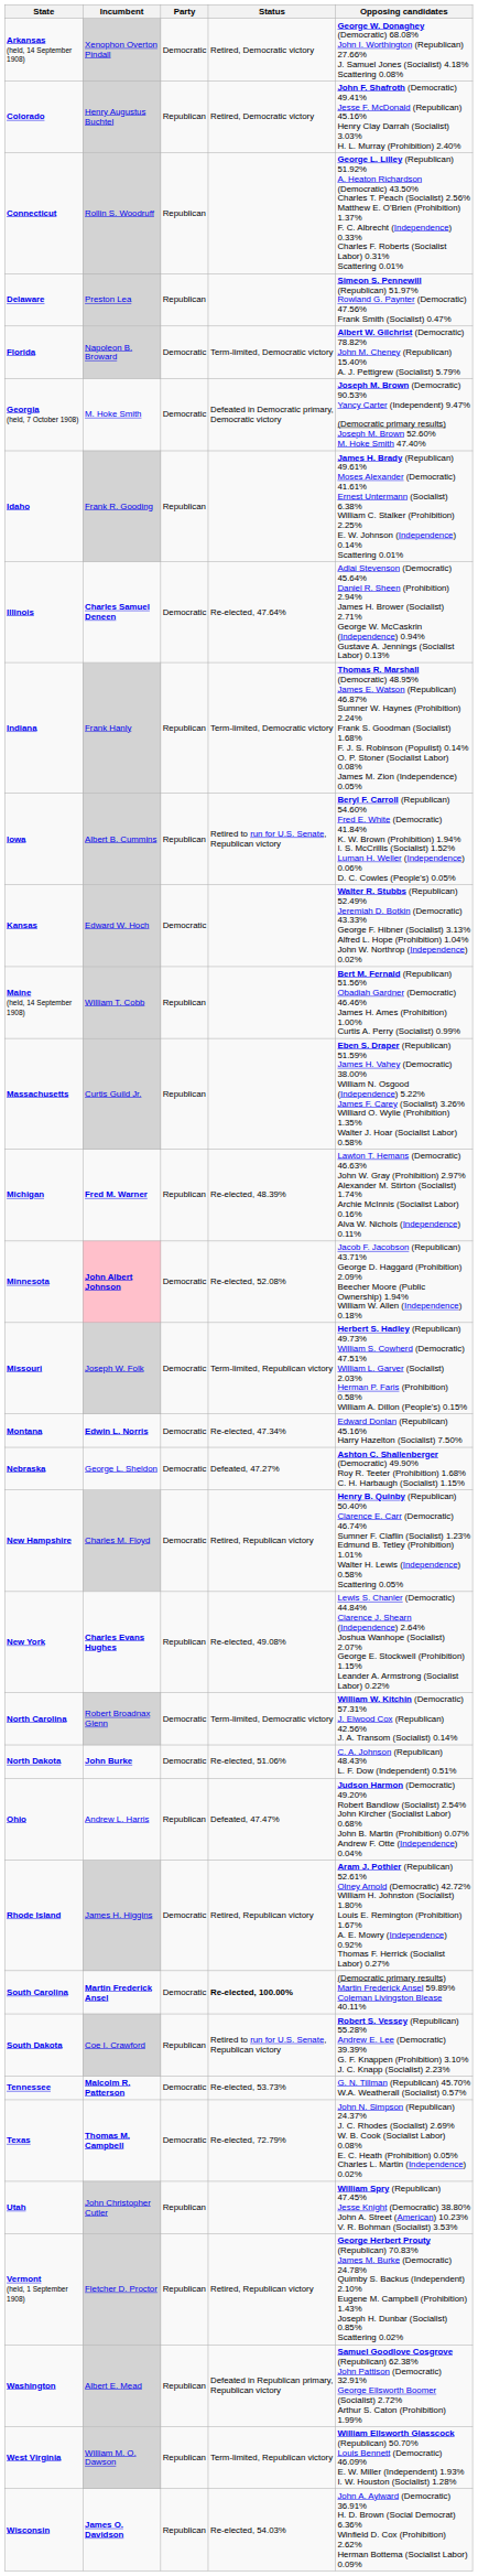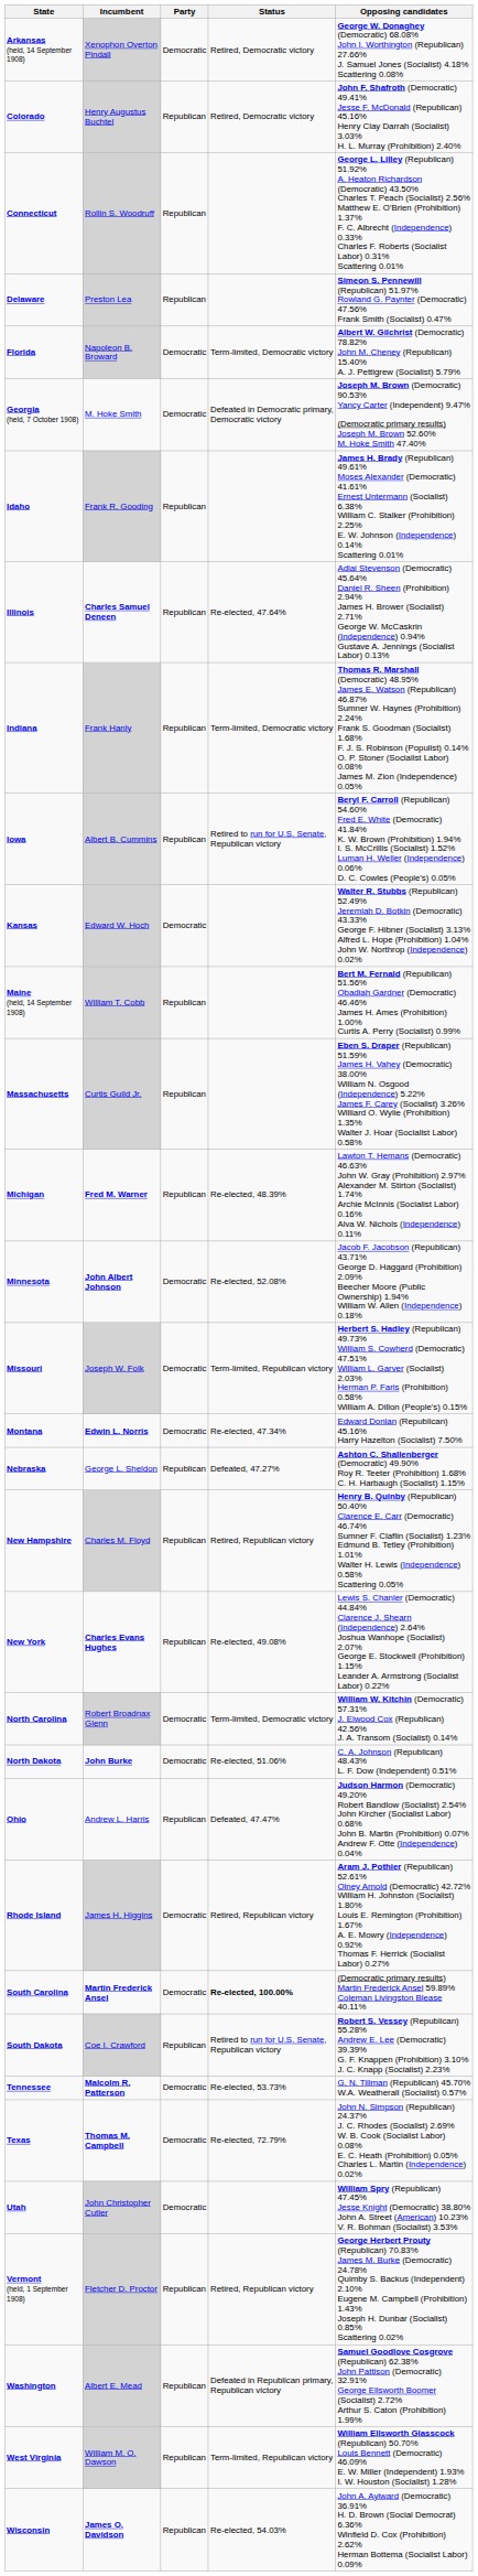 <table class="wikitable">
 <tr>
 <th>State</th>
 <th>Incumbent</th>
 <th>Party</th>
 <th>Status</th>
 <th>Opposing candidates</th>
 </tr>
 <tr>
 <td><strong><a href='#'>Arkansas</a></strong><br><small>(held, 14 September 1908)</small></td>
 <td bgcolor="lightgrey"><a href='#'>Xenophon Overton Pindall</a></td>
 <td>Democratic</td>
 <td>Retired, Democratic victory</td>
 <td><strong><a href='#'>George W. Donaghey</a></strong> (Democratic) 68.08%<br><a href='#'>John I. Worthington</a> (Republican) 27.66%<br>J. Samuel Jones (Socialist) 4.18%<br>Scattering 0.08%<br></td>
 </tr>
 <tr>
 <td><strong><a href='#'>Colorado</a></strong></td>
 <td bgcolor="lightgrey"><a href='#'>Henry Augustus Buchtel</a></td>
 <td>Republican</td>
 <td>Retired, Democratic victory</td>
 <td><strong><a href='#'>John F. Shafroth</a></strong> (Democratic) 49.41%<br><a href='#'>Jesse F. McDonald</a> (Republican) 45.16%<br>Henry Clay Darrah (Socialist) 3.03%<br>H. L. Murray (Prohibition) 2.40%<br></td>
 </tr>
 <tr>
 <td><strong><a href='#'>Connecticut</a></strong></td>
 <td bgcolor="lightgrey"><a href='#'>Rollin S. Woodruff</a></td>
 <td>Republican</td>
 <td></td>
 <td><strong><a href='#'>George L. Lilley</a></strong> (Republican) 51.92%<br><a href='#'>A. Heaton Richardson</a> (Democratic) 43.50%<br>Charles T. Peach (Socialist) 2.56%<br>Matthew E. O'Brien (Prohibition) 1.37%<br>F. C. Albrecht (<a href='#'>Independence</a>) 0.33%<br>Charles F. Roberts (Socialist Labor) 0.31%<br>Scattering 0.01%<br></td>
 </tr>
 <tr>
 <td><strong><a href='#'>Delaware</a></strong></td>
 <td bgcolor="lightgrey"><a href='#'>Preston Lea</a></td>
 <td>Republican</td>
 <td></td>
 <td><strong><a href='#'>Simeon S. Pennewill</a></strong> (Republican) 51.97%<br><a href='#'>Rowland G. Paynter</a> (Democratic) 47.56%<br>Frank Smith (Socialist) 0.47%<br></td>
 </tr>
 <tr>
 <td><strong><a href='#'>Florida</a></strong></td>
 <td bgcolor="lightgrey"><a href='#'>Napoleon B. Broward</a></td>
 <td>Democratic</td>
 <td>Term-limited, Democratic victory</td>
 <td><strong><a href='#'>Albert W. Gilchrist</a></strong> (Democratic) 78.82%<br><a href='#'>John M. Cheney</a> (Republican) 15.40%<br>A. J. Pettigrew (Socialist) 5.79%<br></td>
 </tr>
 <tr>
 <td><strong><a href='#'>Georgia</a></strong><br><small>(held, 7 October 1908)</small></td>
 <td><a href='#'>M. Hoke Smith</a></td>
 <td>Democratic</td>
 <td>Defeated in Democratic primary, Democratic victory</td>
 <td><strong><a href='#'>Joseph M. Brown</a></strong> (Democratic) 90.53%<br><a href='#'>Yancy Carter</a> (Independent) 9.47%<br><br><u>(Democratic primary results)</u><br><a href='#'>Joseph M. Brown</a> 52.60%<br><a href='#'>M. Hoke Smith</a> 47.40%<br></td>
 </tr>
 <tr>
 <td><strong><a href='#'>Idaho</a></strong></td>
 <td bgcolor="lightgrey"><a href='#'>Frank R. Gooding</a></td>
 <td>Republican</td>
 <td></td>
 <td><strong><a href='#'>James H. Brady</a></strong> (Republican) 49.61%<br><a href='#'>Moses Alexander</a> (Democratic) 41.61%<br><a href='#'>Ernest Untermann</a> (Socialist) 6.38%<br>William C. Stalker (Prohibition) 2.25%<br>E. W. Johnson (<a href='#'>Independence</a>) 0.14%<br>Scattering 0.01%<br></td>
 </tr>
 <tr>
 <td><strong><a href='#'>Illinois</a></strong></td>
 <td><strong><a href='#'>Charles Samuel Deneen</a></strong></td>
-<td>Democratic</td>
+<td>Republican</td>
 <td>Re-elected, 47.64%</td>
 <td><a href='#'>Adlai Stevenson</a> (Democratic) 45.64%<br><a href='#'>Daniel R. Sheen</a> (Prohibition) 2.94%<br>James H. Brower (Socialist) 2.71%<br>George W. McCaskrin (<a href='#'>Independence</a>) 0.94%<br>Gustave A. Jennings (Socialist Labor) 0.13%<br></td>
 </tr>
 <tr>
 <td><strong><a href='#'>Indiana</a></strong></td>
 <td bgcolor="lightgrey"><a href='#'>Frank Hanly</a></td>
 <td>Republican</td>
 <td>Term-limited, Democratic victory</td>
 <td><strong><a href='#'>Thomas R. Marshall</a></strong> (Democratic) 48.95%<br><a href='#'>James E. Watson</a> (Republican) 46.87%<br>Sumner W. Haynes (Prohibition) 2.24%<br>Frank S. Goodman (Socialist) 1.68%<br>F. J. S. Robinson (Populist) 0.14%<br>O. P. Stoner (Socialist Labor) 0.08%<br>James M. Zion (Independence) 0.05%<br></td>
 </tr>
 <tr>
 <td><strong><a href='#'>Iowa</a></strong></td>
 <td bgcolor="lightgrey"><a href='#'>Albert B. Cummins</a></td>
 <td>Republican</td>
 <td>Retired to <a href='#'>run for U.S. Senate</a>, Republican victory</td>
 <td><strong><a href='#'>Beryl F. Carroll</a></strong> (Republican) 54.60%<br><a href='#'>Fred E. White</a> (Democratic) 41.84%<br>K. W. Brown (Prohibition) 1.94%<br>I. S. McCrillis (Socialist) 1.52%<br><a href='#'>Luman H. Weller</a> (<a href='#'>Independence</a>) 0.06%<br>D. C. Cowles (People's) 0.05%<br></td>
 </tr>
 <tr>
 <td><strong><a href='#'>Kansas</a></strong></td>
 <td bgcolor="lightgrey"><a href='#'>Edward W. Hoch</a></td>
 <td>Democratic</td>
 <td></td>
 <td><strong><a href='#'>Walter R. Stubbs</a></strong> (Republican) 52.49%<br><a href='#'>Jeremiah D. Botkin</a> (Democratic) 43.33%<br>George F. Hibner (Socialist) 3.13%<br>Alfred L. Hope (Prohibition) 1.04%<br>John  W. Northrop (<a href='#'>Independence</a>) 0.02%<br></td>
 </tr>
 <tr>
 <td><strong><a href='#'>Maine</a></strong><br><small>(held, 14 September 1908)</small></td>
 <td bgcolor="lightgrey"><a href='#'>William T. Cobb</a></td>
 <td>Republican</td>
 <td></td>
 <td><strong><a href='#'>Bert M. Fernald</a></strong> (Republican) 51.56%<br><a href='#'>Obadiah Gardner</a> (Democratic) 46.46%<br>James H. Ames (Prohibition) 1.00%<br>Curtis A. Perry (Socialist) 0.99%<br></td>
 </tr>
 <tr>
 <td><strong><a href='#'>Massachusetts</a></strong></td>
 <td bgcolor="lightgrey"><a href='#'>Curtis Guild Jr.</a></td>
 <td>Republican</td>
 <td></td>
 <td><strong><a href='#'>Eben S. Draper</a></strong> (Republican) 51.59%<br><a href='#'>James H. Vahey</a> (Democratic) 38.00%<br>William N. Osgood (<a href='#'>Independence</a>) 5.22%<br><a href='#'>James F. Carey</a> (Socialist) 3.26%<br>Williard O. Wylie (Prohibition) 1.35%<br>Walter J. Hoar (Socialist Labor) 0.58%<br></td>
 </tr>
 <tr>
 <td><strong><a href='#'>Michigan</a></strong></td>
 <td><strong><a href='#'>Fred M. Warner</a></strong></td>
 <td>Republican</td>
 <td>Re-elected, 48.39%</td>
 <td><a href='#'>Lawton T. Hemans</a> (Democratic) 46.63%<br>John W. Gray (Prohibition) 2.97%<br>Alexander M. Stirton (Socialist) 1.74%<br>Archie McInnis (Socialist Labor) 0.16%<br>Alva W. Nichols (<a href='#'>Independence</a>) 0.11%<br></td>
 </tr>
 <tr>
 <td><strong><a href='#'>Minnesota</a></strong></td>
-<td style="background: pink;"><strong><a href='#'>John Albert Johnson</a></strong></td>
+<td><strong><a href='#'>John Albert Johnson</a></strong></td>
 <td>Democratic</td>
 <td>Re-elected, 52.08%</td>
 <td><a href='#'>Jacob F. Jacobson</a> (Republican) 43.71%<br>George D. Haggard (Prohibition) 2.09%<br>Beecher Moore (Public Ownership) 1.94%<br>William W. Allen (<a href='#'>Independence</a>) 0.18%<br></td>
 </tr>
 <tr>
 <td><strong><a href='#'>Missouri</a></strong></td>
 <td bgcolor="lightgrey"><a href='#'>Joseph W. Folk</a></td>
 <td>Democratic</td>
 <td>Term-limited, Republican victory</td>
 <td><strong><a href='#'>Herbert S. Hadley</a></strong> (Republican) 49.73%<br><a href='#'>William S. Cowherd</a> (Democratic) 47.51%<br><a href='#'>William L. Garver</a> (Socialist) 2.03%<br><a href='#'>Herman P. Faris</a> (Prohibition) 0.58%<br>William A. Dillon (People's) 0.15%<br></td>
 </tr>
 <tr>
 <td><strong><a href='#'>Montana</a></strong></td>
 <td><strong><a href='#'>Edwin L. Norris</a></strong></td>
 <td>Democratic</td>
 <td>Re-elected, 47.34%</td>
 <td><a href='#'>Edward Donlan</a> (Republican) 45.16%<br>Harry Hazelton (Socialist) 7.50%<br></td>
 </tr>
 <tr>
 <td><strong><a href='#'>Nebraska</a></strong></td>
 <td><a href='#'>George L. Sheldon</a></td>
-<td>Democratic</td>
+<td>Republican</td>
 <td>Defeated, 47.27%</td>
 <td><strong><a href='#'>Ashton C. Shallenberger</a></strong> (Democratic) 49.90%<br>Roy R. Teeter (Prohibition) 1.68%<br>C. H. Harbaugh (Socialist) 1.15%<br></td>
 </tr>
 <tr>
 <td><strong><a href='#'>New Hampshire</a></strong></td>
 <td bgcolor="lightgrey"><a href='#'>Charles M. Floyd</a></td>
-<td>Democratic</td>
+<td>Republican</td>
 <td>Retired, Republican victory</td>
 <td><strong><a href='#'>Henry B. Quinby</a></strong> (Republican) 50.40%<br><a href='#'>Clarence E. Carr</a> (Democratic) 46.74%<br>Sumner F. Claflin (Socialist) 1.23%<br>Edmund B. Tetley (Prohibition) 1.01%<br>Walter H. Lewis (<a href='#'>Independence</a>) 0.58%<br>Scattering 0.05%<br></td>
 </tr>
 <tr>
 <td><strong><a href='#'>New York</a></strong></td>
 <td><strong><a href='#'>Charles Evans Hughes</a></strong></td>
 <td>Republican</td>
 <td>Re-elected, 49.08%</td>
 <td><a href='#'>Lewis S. Chanler</a> (Democratic) 44.84%<br><a href='#'>Clarence J. Shearn</a> (<a href='#'>Independence</a>) 2.64%<br>Joshua Wanhope (Socialist) 2.07%<br>George E. Stockwell (Prohibition) 1.15%<br>Leander A. Armstrong (Socialist Labor) 0.22%<br></td>
 </tr>
 <tr>
 <td><strong><a href='#'>North Carolina</a></strong></td>
 <td bgcolor="lightgrey"><a href='#'>Robert Broadnax Glenn</a></td>
 <td>Democratic</td>
 <td>Term-limited, Democratic victory</td>
 <td><strong><a href='#'>William W. Kitchin</a></strong> (Democratic) 57.31%<br><a href='#'>J. Elwood Cox</a> (Republican) 42.56%<br>J. A. Transom (Socialist) 0.14%<br></td>
 </tr>
 <tr>
 <td><strong><a href='#'>North Dakota</a></strong></td>
 <td><strong><a href='#'>John Burke</a></strong></td>
 <td>Democratic</td>
 <td>Re-elected, 51.06%</td>
 <td><a href='#'>C. A. Johnson</a> (Republican) 48.43%<br>L. F. Dow (Independent) 0.51%<br></td>
 </tr>
 <tr>
 <td><strong><a href='#'>Ohio</a></strong></td>
 <td><a href='#'>Andrew L. Harris</a></td>
 <td>Republican</td>
 <td>Defeated, 47.47%</td>
 <td><strong><a href='#'>Judson Harmon</a></strong> (Democratic) 49.20%<br>Robert Bandlow (Socialist) 2.54%<br>John Kircher (Socialist Labor) 0.68%<br>John B. Martin (Prohibition) 0.07%<br>Andrew F. Otte (<a href='#'>Independence</a>) 0.04%<br></td>
 </tr>
 <tr>
 <td><strong><a href='#'>Rhode Island</a></strong></td>
 <td bgcolor="lightgrey"><a href='#'>James H. Higgins</a></td>
 <td>Democratic</td>
 <td>Retired, Republican victory</td>
 <td><strong><a href='#'>Aram J. Pothier</a></strong> (Republican) 52.61%<br><a href='#'>Olney Arnold</a> (Democratic) 42.72%<br>William H. Johnston (Socialist) 1.80%<br>Louis E. Remington (Prohibition) 1.67%<br>A. E. Mowry (<a href='#'>Independence</a>) 0.92%<br>Thomas F. Herrick (Socialist Labor) 0.27%<br></td>
 </tr>
 <tr>
 <td><strong><a href='#'>South Carolina</a></strong></td>
 <td><strong><a href='#'>Martin Frederick Ansel</a></strong></td>
 <td>Democratic</td>
 <td><strong>Re-elected, 100.00%<br></strong></td>
 <td><u>(Democratic primary results)</u><br><a href='#'>Martin Frederick Ansel</a> 59.89%<br><a href='#'>Coleman Livingston Blease</a> 40.11%<br></td>
 </tr>
 <tr>
 <td><strong><a href='#'>South Dakota</a></strong></td>
 <td bgcolor="lightgrey"><a href='#'>Coe I. Crawford</a></td>
 <td>Republican</td>
 <td>Retired to <a href='#'>run for U.S. Senate</a>, Republican victory</td>
 <td><strong><a href='#'>Robert S. Vessey</a></strong> (Republican) 55.28%<br><a href='#'>Andrew E. Lee</a> (Democratic) 39.39%<br>G. F. Knappen (Prohibition) 3.10%<br>J. C. Knapp (Socialist) 2.23%<br></td>
 </tr>
 <tr>
 <td><strong><a href='#'>Tennessee</a></strong></td>
 <td><strong><a href='#'>Malcolm R. Patterson</a></strong></td>
 <td>Democratic</td>
 <td>Re-elected, 53.73%</td>
 <td><a href='#'>G. N. Tillman</a> (Republican) 45.70%<br>W.A. Weatherall (Socialist) 0.57%<br></td>
 </tr>
 <tr>
 <td><strong><a href='#'>Texas</a></strong></td>
 <td><strong><a href='#'>Thomas M. Campbell</a></strong></td>
 <td>Democratic</td>
 <td>Re-elected, 72.79%</td>
 <td><a href='#'>John N. Simpson</a> (Republican) 24.37%<br>J. C. Rhodes (Socialist) 2.69%<br>W. B. Cook (Socialist Labor) 0.08%<br>E. C. Heath (Prohibition) 0.05%<br>Charles L. Martin (<a href='#'>Independence</a>) 0.02%<br></td>
 </tr>
 <tr>
 <td><strong><a href='#'>Utah</a></strong></td>
 <td bgcolor="lightgrey"><a href='#'>John Christopher Cutler</a></td>
-<td>Republican</td>
+<td>Democratic</td>
 <td></td>
 <td><strong><a href='#'>William Spry</a></strong> (Republican) 47.45%<br><a href='#'>Jesse Knight</a> (Democratic) 38.80%<br>John A. Street (<a href='#'>American</a>) 10.23%<br>V. R. Bohman (Socialist) 3.53%<br></td>
 </tr>
 <tr>
 <td><strong><a href='#'>Vermont</a></strong><br><small>(held, 1 September 1908)</small></td>
 <td bgcolor="lightgrey"><a href='#'>Fletcher D. Proctor</a></td>
 <td>Republican</td>
 <td>Retired, Republican victory</td>
 <td><strong><a href='#'>George Herbert Prouty</a></strong> (Republican) 70.83%<br><a href='#'>James M. Burke</a> (Democratic) 24.78%<br>Quimby S. Backus (Independent) 2.10%<br>Eugene M. Campbell (Prohibition) 1.43%<br>Joseph H. Dunbar (Socialist) 0.85%<br>Scattering 0.02%<br></td>
 </tr>
 <tr>
 <td><strong><a href='#'>Washington</a></strong></td>
 <td bgcolor="lightgrey"><a href='#'>Albert E. Mead</a></td>
 <td>Republican</td>
 <td>Defeated in Republican primary, Republican victory</td>
 <td><strong><a href='#'>Samuel Goodlove Cosgrove</a></strong> (Republican) 62.38%<br><a href='#'>John Pattison</a> (Democratic) 32.91%<br><a href='#'>George Ellsworth Boomer</a> (Socialist) 2.72%<br>Arthur S. Caton (Prohibition) 1.99%<br></td>
 </tr>
 <tr>
 <td><strong><a href='#'>West Virginia</a></strong></td>
 <td bgcolor="lightgrey"><a href='#'>William M. O. Dawson</a></td>
 <td>Republican</td>
 <td>Term-limited, Republican victory</td>
 <td><strong><a href='#'>William Ellsworth Glasscock</a></strong> (Republican) 50.70%<br><a href='#'>Louis Bennett</a> (Democratic) 46.09%<br>E. W. Miller (Independent) 1.93%<br>I. W. Houston (Socialist) 1.28%<br></td>
 </tr>
 <tr>
 <td><strong><a href='#'>Wisconsin</a></strong></td>
 <td><strong><a href='#'>James O. Davidson</a></strong></td>
 <td>Republican</td>
 <td>Re-elected, 54.03%</td>
 <td><a href='#'>John A. Aylward</a> (Democratic) 36.91%<br>H. D. Brown (Social Democrat) 6.36%<br>Winfield D. Cox (Prohibition) 2.62%<br>Herman Bottema (Socialist Labor) 0.09%<br></td>
 </tr>
 </table>
